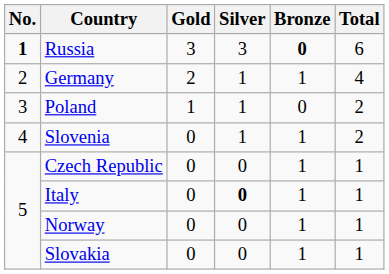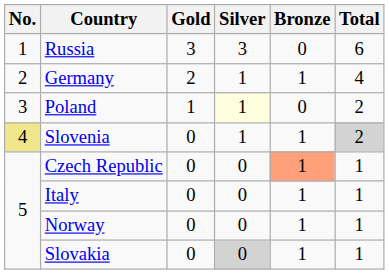 <table class="wikitable sortable" style="text-align: center;">
 <tr>
 <th>No.</th>
 <th>Country</th>
 <th>Gold</th>
 <th>Silver</th>
 <th>Bronze</th>
 <th>Total</th>
 </tr>
 <tr>
-<td><strong>1</strong></td>
+<td>1</td>
 <td align="left"> <a href='#'>Russia</a></td>
 <td>3</td>
 <td>3</td>
-<td><strong>0</strong></td>
+<td>0</td>
 <td>6</td>
 </tr>
 <tr>
 <td>2</td>
 <td align="left"> <a href='#'>Germany</a></td>
 <td>2</td>
 <td>1</td>
 <td>1</td>
 <td>4</td>
 </tr>
 <tr>
 <td>3</td>
 <td align="left"> <a href='#'>Poland</a></td>
 <td>1</td>
-<td>1</td>
+<td style="background: lightyellow;">1</td>
 <td>0</td>
 <td>2</td>
 </tr>
 <tr>
-<td>4</td>
+<td style="background: khaki;">4</td>
 <td align="left"> <a href='#'>Slovenia</a></td>
 <td>0</td>
 <td>1</td>
 <td>1</td>
-<td>2</td>
+<td style="background: lightgrey;">2</td>
 </tr>
 <tr>
 <td rowspan="4">5</td>
 <td align="left"> <a href='#'>Czech Republic</a></td>
 <td>0</td>
 <td>0</td>
-<td>1</td>
+<td style="background: lightsalmon;">1</td>
 <td>1</td>
 </tr>
 <tr>
 <td align="left"> <a href='#'>Italy</a></td>
 <td>0</td>
-<td><strong>0</strong></td>
+<td>0</td>
 <td>1</td>
 <td>1</td>
 </tr>
 <tr>
 <td align="left"> <a href='#'>Norway</a></td>
 <td>0</td>
 <td>0</td>
 <td>1</td>
 <td>1</td>
 </tr>
 <tr>
 <td align="left"> <a href='#'>Slovakia</a></td>
 <td>0</td>
-<td>0</td>
+<td style="background: lightgrey;">0</td>
 <td>1</td>
 <td>1</td>
 </tr>
 </table>
